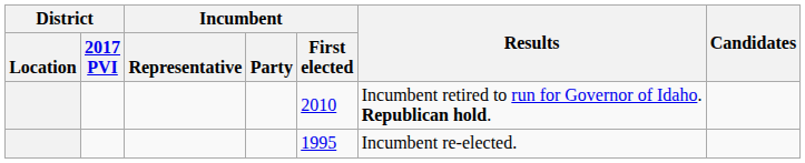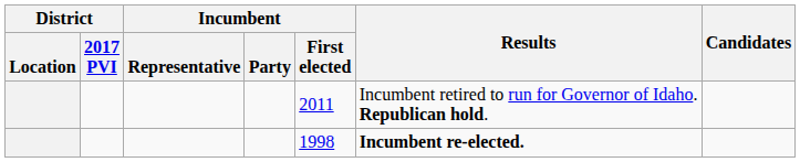 <table class="wikitable sortable">
 <tr>
 <th colspan=2>District</th>
 <th colspan=3>Incumbent</th>
 <th rowspan=2>Results</th>
 <th rowspan=2 class=unsortable>Candidates</th>
 </tr>
 <tr valign=bottom>
 <th>Location</th>
 <th><a href='#'>2017<br>PVI</a></th>
 <th>Representative</th>
 <th>Party</th>
 <th>First<br>elected</th>
 </tr>
 <tr>
 <th></th>
 <td></td>
 <td></td>
 <td></td>
-<td><a href='#'>2010</a></td>
+<td><a href='#'>2011</a></td>
 <td>Incumbent retired to <a href='#'>run for Governor of Idaho</a>.<br><strong>Republican hold</strong>.</td>
 <td nowrap></td>
 </tr>
 <tr>
 <th></th>
 <td></td>
 <td></td>
 <td></td>
-<td><a href='#'>1995</a></td>
-<td>Incumbent re-elected.</td>
+<td><a href='#'>1998</a></td>
+<td><strong>Incumbent re-elected.</strong></td>
 <td nowrap></td>
 </tr>
 </table>
